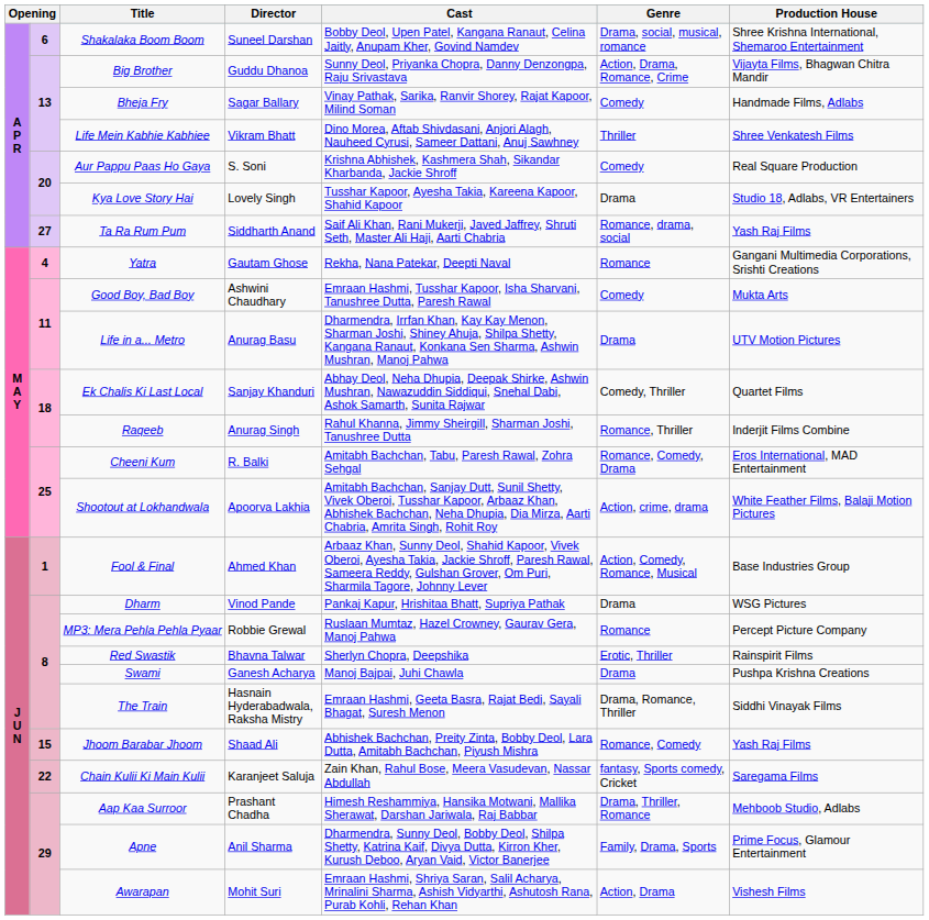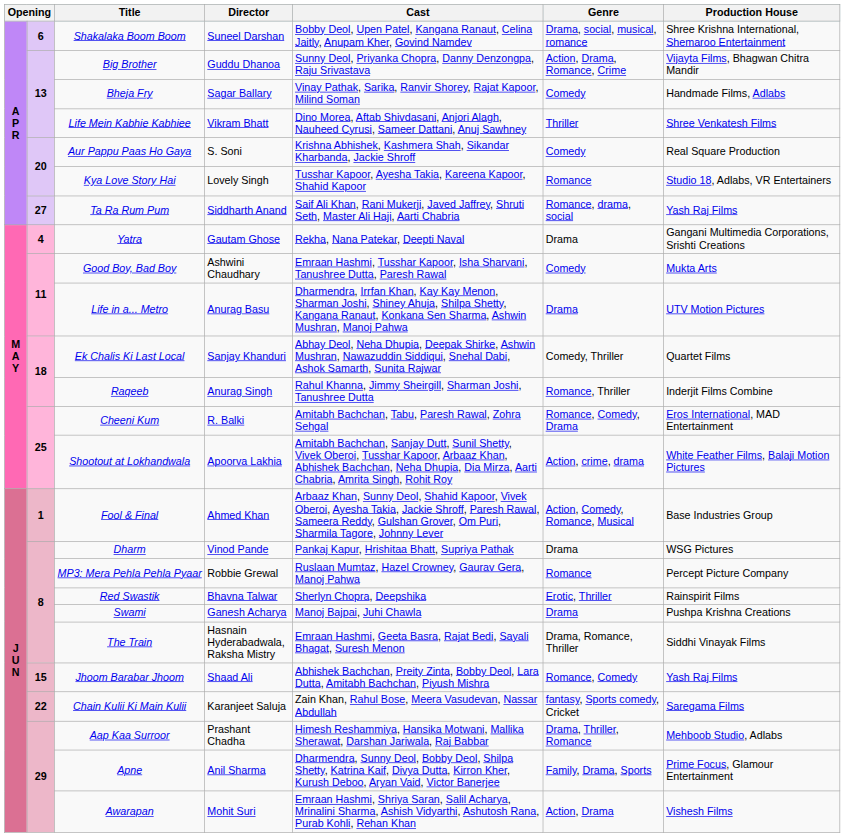 <table class="wikitable">
 <tr style="background:#b0e0e6;text-align:center;">
 <th colspan="2" style="width:6%;"><strong>Opening</strong></th>
 <th style="width:18%;"><strong>Title</strong></th>
 <th style="width:10.5%;"><strong>Director</strong></th>
 <th style="width:30%;"><strong>Cast</strong></th>
 <th>Genre</th>
 <th>Production House</th>
 </tr>
 <tr>
 <td rowspan="7" style="text-align:center; background:#bf87f7;"><strong>A<br>P<br>R</strong></td>
 <td rowspan="1" style="text-align:center; background:#dfc7f7; textcolor:#000;"><strong>6</strong></td>
 <td style="text-align:center;"><em><a href='#'>Shakalaka Boom Boom</a></em></td>
 <td><a href='#'>Suneel Darshan</a></td>
 <td><a href='#'>Bobby Deol</a>, <a href='#'>Upen Patel</a>, <a href='#'>Kangana Ranaut</a>, <a href='#'>Celina Jaitly</a>, <a href='#'>Anupam Kher</a>, <a href='#'>Govind Namdev</a></td>
 <td><a href='#'>Drama</a>, <a href='#'>social</a>, <a href='#'>musical</a>, <a href='#'>romance</a></td>
 <td>Shree Krishna International, <a href='#'>Shemaroo Entertainment</a></td>
 </tr>
 <tr>
 <td rowspan="3" style="text-align:center; background:#dfc7f7;"><strong>13</strong></td>
 <td style="text-align:center;"><em><a href='#'>Big Brother</a></em></td>
 <td><a href='#'>Guddu Dhanoa</a></td>
 <td><a href='#'>Sunny Deol</a>, <a href='#'>Priyanka Chopra</a>, <a href='#'>Danny Denzongpa</a>, <a href='#'>Raju Srivastava</a></td>
 <td><a href='#'>Action</a>, <a href='#'>Drama</a>, <a href='#'>Romance</a>, <a href='#'>Crime</a></td>
 <td><a href='#'>Vijayta Films</a>, Bhagwan Chitra Mandir</td>
 </tr>
 <tr>
 <td style="text-align:center;"><em><a href='#'>Bheja Fry</a></em></td>
 <td><a href='#'>Sagar Ballary</a></td>
 <td><a href='#'>Vinay Pathak</a>, <a href='#'>Sarika</a>, <a href='#'>Ranvir Shorey</a>, <a href='#'>Rajat Kapoor</a>, <a href='#'>Milind Soman</a></td>
 <td><a href='#'>Comedy</a></td>
 <td>Handmade Films, <a href='#'>Adlabs</a></td>
 </tr>
 <tr>
 <td style="text-align:center;"><em><a href='#'>Life Mein Kabhie Kabhiee</a></em></td>
 <td><a href='#'>Vikram Bhatt</a></td>
 <td><a href='#'>Dino Morea</a>, <a href='#'>Aftab Shivdasani</a>, <a href='#'>Anjori Alagh</a>, <a href='#'>Nauheed Cyrusi</a>, <a href='#'>Sameer Dattani</a>, <a href='#'>Anuj Sawhney</a></td>
 <td><a href='#'>Thriller</a></td>
 <td><a href='#'>Shree Venkatesh Films</a></td>
 </tr>
 <tr>
 <td rowspan="2" style="text-align:center; background:#dfc7f7;"><strong>20</strong></td>
 <td style="text-align:center;"><em><a href='#'>Aur Pappu Paas Ho Gaya</a></em></td>
 <td>S. Soni</td>
 <td><a href='#'>Krishna Abhishek</a>, <a href='#'>Kashmera Shah</a>, <a href='#'>Sikandar Kharbanda</a>, <a href='#'>Jackie Shroff</a></td>
 <td><a href='#'>Comedy</a></td>
 <td>Real Square Production</td>
 </tr>
 <tr>
 <td style="text-align:center;"><em><a href='#'>Kya Love Story Hai</a></em></td>
 <td>Lovely Singh</td>
 <td><a href='#'>Tusshar Kapoor</a>, <a href='#'>Ayesha Takia</a>, <a href='#'>Kareena Kapoor</a>, <a href='#'>Shahid Kapoor</a></td>
-<td>Drama</td>
+<td><a href='#'>Romance</a></td>
 <td><a href='#'>Studio 18</a>, Adlabs, VR Entertainers</td>
 </tr>
 <tr>
 <td rowspan="1" style="text-align:center; background:#dfc7f7;"><strong>27</strong></td>
 <td style="text-align:center;"><em><a href='#'>Ta Ra Rum Pum</a></em></td>
 <td><a href='#'>Siddharth Anand</a></td>
 <td><a href='#'>Saif Ali Khan</a>, <a href='#'>Rani Mukerji</a>, <a href='#'>Javed Jaffrey</a>, <a href='#'>Shruti Seth</a>, <a href='#'>Master Ali Haji</a>, <a href='#'>Aarti Chabria</a></td>
 <td><a href='#'>Romance</a>, <a href='#'>drama</a>, <a href='#'>social</a></td>
 <td><a href='#'>Yash Raj Films</a></td>
 </tr>
 <tr>
 <td rowspan="7" style="text-align:center; background:hotPink;"><strong>M<br>A<br>Y</strong></td>
 <td rowspan="1" style="text-align:center; background:#ffb5da;"><strong>4</strong></td>
 <td style="text-align:center;"><em><a href='#'>Yatra</a></em></td>
 <td><a href='#'>Gautam Ghose</a></td>
 <td><a href='#'>Rekha</a>, <a href='#'>Nana Patekar</a>, <a href='#'>Deepti Naval</a></td>
-<td><a href='#'>Romance</a></td>
+<td>Drama</td>
 <td>Gangani Multimedia Corporations, Srishti Creations</td>
 </tr>
 <tr>
 <td rowspan="2" style="text-align:center; background:#ffb5da;"><strong>11</strong></td>
 <td style="text-align:center;"><em><a href='#'>Good Boy, Bad Boy</a></em></td>
 <td>Ashwini Chaudhary</td>
 <td><a href='#'>Emraan Hashmi</a>, <a href='#'>Tusshar Kapoor</a>, <a href='#'>Isha Sharvani</a>, <a href='#'>Tanushree Dutta</a>, <a href='#'>Paresh Rawal</a></td>
 <td><a href='#'>Comedy</a></td>
 <td><a href='#'>Mukta Arts</a></td>
 </tr>
 <tr>
 <td style="text-align:center;"><em><a href='#'>Life in a... Metro</a></em></td>
 <td><a href='#'>Anurag Basu</a></td>
 <td><a href='#'>Dharmendra</a>, <a href='#'>Irrfan Khan</a>, <a href='#'>Kay Kay Menon</a>, <a href='#'>Sharman Joshi</a>, <a href='#'>Shiney Ahuja</a>, <a href='#'>Shilpa Shetty</a>, <a href='#'>Kangana Ranaut</a>, <a href='#'>Konkana Sen Sharma</a>, <a href='#'>Ashwin Mushran</a>, <a href='#'>Manoj Pahwa</a></td>
 <td><a href='#'>Drama</a></td>
 <td><a href='#'>UTV Motion Pictures</a></td>
 </tr>
 <tr>
 <td rowspan="2" style="text-align:center; textcolor:#000; background:#ffb5da;"><strong>18</strong></td>
 <td style="text-align:center;"><em><a href='#'>Ek Chalis Ki Last Local</a></em></td>
 <td><a href='#'>Sanjay Khanduri</a></td>
 <td><a href='#'>Abhay Deol</a>, <a href='#'>Neha Dhupia</a>, <a href='#'>Deepak Shirke</a>, <a href='#'>Ashwin Mushran</a>, <a href='#'>Nawazuddin Siddiqui</a>, <a href='#'>Snehal Dabi</a>, <a href='#'>Ashok Samarth</a>, <a href='#'>Sunita Rajwar</a></td>
 <td>Comedy, Thriller</td>
 <td>Quartet Films</td>
 </tr>
 <tr>
 <td style="text-align:center;"><em><a href='#'>Raqeeb</a></em></td>
 <td><a href='#'>Anurag Singh</a></td>
 <td><a href='#'>Rahul Khanna</a>, <a href='#'>Jimmy Sheirgill</a>, <a href='#'>Sharman Joshi</a>, <a href='#'>Tanushree Dutta</a></td>
 <td><a href='#'>Romance</a>, Thriller</td>
 <td>Inderjit Films Combine</td>
 </tr>
 <tr>
 <td rowspan="2" style="text-align:center; textcolor:#000; background: #ffb5da;"><strong>25</strong></td>
 <td style="text-align:center;"><em><a href='#'>Cheeni Kum</a></em></td>
 <td><a href='#'>R. Balki</a></td>
 <td><a href='#'>Amitabh Bachchan</a>, <a href='#'>Tabu</a>, <a href='#'>Paresh Rawal</a>, <a href='#'>Zohra Sehgal</a></td>
 <td><a href='#'>Romance</a>, <a href='#'>Comedy</a>, <a href='#'>Drama</a></td>
 <td><a href='#'>Eros International</a>, MAD Entertainment</td>
 </tr>
 <tr>
 <td style="text-align:center;"><em><a href='#'>Shootout at Lokhandwala</a></em></td>
 <td><a href='#'>Apoorva Lakhia</a></td>
 <td><a href='#'>Amitabh Bachchan</a>, <a href='#'>Sanjay Dutt</a>, <a href='#'>Sunil Shetty</a>, <a href='#'>Vivek Oberoi</a>, <a href='#'>Tusshar Kapoor</a>, <a href='#'>Arbaaz Khan</a>, <a href='#'>Abhishek Bachchan</a>, <a href='#'>Neha Dhupia</a>, <a href='#'>Dia Mirza</a>, <a href='#'>Aarti Chabria</a>, <a href='#'>Amrita Singh</a>, <a href='#'>Rohit Roy</a></td>
 <td><a href='#'>Action</a>, <a href='#'>crime</a>, <a href='#'>drama</a></td>
 <td><a href='#'>White Feather Films</a>, <a href='#'>Balaji Motion Pictures</a></td>
 </tr>
 <tr>
 <td rowspan="11" style="text-align:center; background:#db7093; textcolor:#000;"><strong>J<br>U<br>N</strong></td>
 <td rowspan="1" style="text-align:center; background:#edb7c9;"><strong>1</strong></td>
 <td style="text-align:center;"><em><a href='#'>Fool & Final</a></em></td>
 <td><a href='#'>Ahmed Khan</a></td>
 <td><a href='#'>Arbaaz Khan</a>, <a href='#'>Sunny Deol</a>, <a href='#'>Shahid Kapoor</a>, <a href='#'>Vivek Oberoi</a>,  <a href='#'>Ayesha Takia</a>, <a href='#'>Jackie Shroff</a>, <a href='#'>Paresh Rawal</a>, <a href='#'>Sameera Reddy</a>, <a href='#'>Gulshan Grover</a>, <a href='#'>Om Puri</a>, <a href='#'>Sharmila Tagore</a>, <a href='#'>Johnny Lever</a></td>
 <td><a href='#'>Action</a>, <a href='#'>Comedy</a>, <a href='#'>Romance</a>, <a href='#'>Musical</a></td>
 <td>Base Industries Group</td>
 </tr>
 <tr>
 <td rowspan="5" style="text-align:center; background:#edb7c9;"><strong>8</strong></td>
 <td style="text-align:center;"><em><a href='#'>Dharm</a></em></td>
 <td><a href='#'>Vinod Pande</a></td>
 <td><a href='#'>Pankaj Kapur</a>, <a href='#'>Hrishitaa Bhatt</a>, <a href='#'>Supriya Pathak</a></td>
 <td>Drama</td>
 <td>WSG Pictures</td>
 </tr>
 <tr>
 <td style="text-align:center;"><em><a href='#'>MP3: Mera Pehla Pehla Pyaar</a></em></td>
 <td>Robbie Grewal</td>
 <td><a href='#'>Ruslaan Mumtaz</a>, <a href='#'>Hazel Crowney</a>, <a href='#'>Gaurav Gera</a>, <a href='#'>Manoj Pahwa</a></td>
 <td><a href='#'>Romance</a></td>
 <td>Percept Picture Company</td>
 </tr>
 <tr>
 <td style="text-align:center;"><em><a href='#'>Red Swastik</a></em></td>
 <td><a href='#'>Bhavna Talwar</a></td>
 <td><a href='#'>Sherlyn Chopra</a>, <a href='#'>Deepshika</a></td>
 <td><a href='#'>Erotic</a>, <a href='#'>Thriller</a></td>
 <td>Rainspirit Films</td>
 </tr>
 <tr>
 <td style="text-align:center;"><em><a href='#'>Swami</a></em></td>
 <td><a href='#'>Ganesh Acharya</a></td>
 <td><a href='#'>Manoj Bajpai</a>, <a href='#'>Juhi Chawla</a></td>
 <td><a href='#'>Drama</a></td>
 <td>Pushpa Krishna Creations</td>
 </tr>
 <tr>
 <td style="text-align:center;"><em><a href='#'>The Train</a></em></td>
 <td>Hasnain Hyderabadwala, Raksha Mistry</td>
 <td><a href='#'>Emraan Hashmi</a>, <a href='#'>Geeta Basra</a>, <a href='#'>Rajat Bedi</a>, <a href='#'>Sayali Bhagat</a>, <a href='#'>Suresh Menon</a></td>
 <td>Drama, Romance, Thriller</td>
 <td>Siddhi Vinayak Films</td>
 </tr>
 <tr>
 <td rowspan="1" style="text-align:center;background:#edb7c9;"><strong>15</strong></td>
 <td style="text-align:center;"><em><a href='#'>Jhoom Barabar Jhoom</a></em></td>
 <td><a href='#'>Shaad Ali</a></td>
 <td><a href='#'>Abhishek Bachchan</a>, <a href='#'>Preity Zinta</a>, <a href='#'>Bobby Deol</a>, <a href='#'>Lara Dutta</a>, <a href='#'>Amitabh Bachchan</a>, <a href='#'>Piyush Mishra</a></td>
 <td><a href='#'>Romance</a>, <a href='#'>Comedy</a></td>
 <td><a href='#'>Yash Raj Films</a></td>
 </tr>
 <tr>
 <td rowspan="1" style="text-align:center;background:#edb7c9;"><strong>22</strong></td>
 <td style="text-align:center;"><em><a href='#'>Chain Kulii Ki Main Kulii</a></em></td>
 <td>Karanjeet Saluja</td>
 <td>Zain Khan, <a href='#'>Rahul Bose</a>, <a href='#'>Meera Vasudevan</a>, <a href='#'>Nassar Abdullah</a></td>
 <td><a href='#'>fantasy</a>, <a href='#'>Sports comedy</a>, Cricket</td>
 <td><a href='#'>Saregama Films</a></td>
 </tr>
 <tr>
 <td rowspan="3" style="text-align:center;background:#edb7c9;"><strong>29</strong></td>
 <td style="text-align:center;"><em><a href='#'>Aap Kaa Surroor</a></em></td>
 <td>Prashant Chadha</td>
 <td><a href='#'>Himesh Reshammiya</a>, <a href='#'>Hansika Motwani</a>, <a href='#'>Mallika Sherawat</a>, <a href='#'>Darshan Jariwala</a>, <a href='#'>Raj Babbar</a></td>
 <td><a href='#'>Drama</a>, <a href='#'>Thriller</a>, <a href='#'>Romance</a></td>
 <td><a href='#'>Mehboob Studio</a>, Adlabs</td>
 </tr>
 <tr>
 <td style="text-align:center;"><em><a href='#'>Apne</a></em></td>
 <td><a href='#'>Anil Sharma</a></td>
 <td><a href='#'>Dharmendra</a>, <a href='#'>Sunny Deol</a>, <a href='#'>Bobby Deol</a>, <a href='#'>Shilpa Shetty</a>, <a href='#'>Katrina Kaif</a>, <a href='#'>Divya Dutta</a>, <a href='#'>Kirron Kher</a>, <a href='#'>Kurush Deboo</a>, <a href='#'>Aryan Vaid</a>, <a href='#'>Victor Banerjee</a></td>
 <td><a href='#'>Family</a>, <a href='#'>Drama</a>, <a href='#'>Sports</a></td>
 <td><a href='#'>Prime Focus</a>, Glamour Entertainment</td>
 </tr>
 <tr>
 <td style="text-align:center;"><em><a href='#'>Awarapan</a></em></td>
 <td><a href='#'>Mohit Suri</a></td>
 <td><a href='#'>Emraan Hashmi</a>, <a href='#'>Shriya Saran</a>, <a href='#'>Salil Acharya</a>, <a href='#'>Mrinalini Sharma</a>, <a href='#'>Ashish Vidyarthi</a>, <a href='#'>Ashutosh Rana</a>, <a href='#'>Purab Kohli</a>, <a href='#'>Rehan Khan</a></td>
 <td><a href='#'>Action</a>, <a href='#'>Drama</a></td>
 <td><a href='#'>Vishesh Films</a></td>
 </tr>
 </table>
